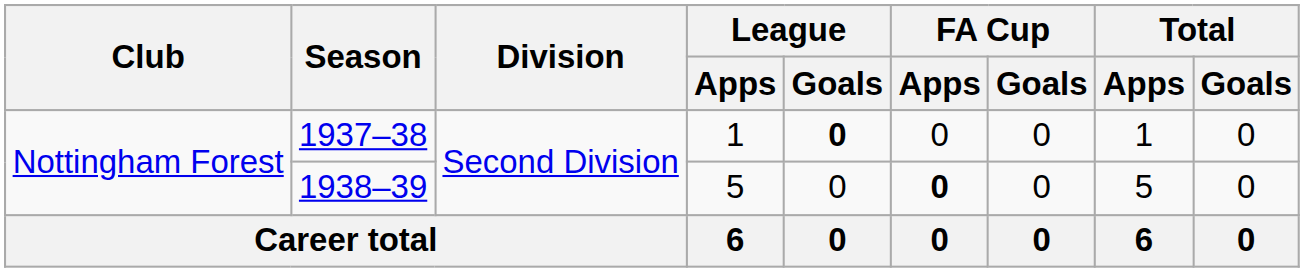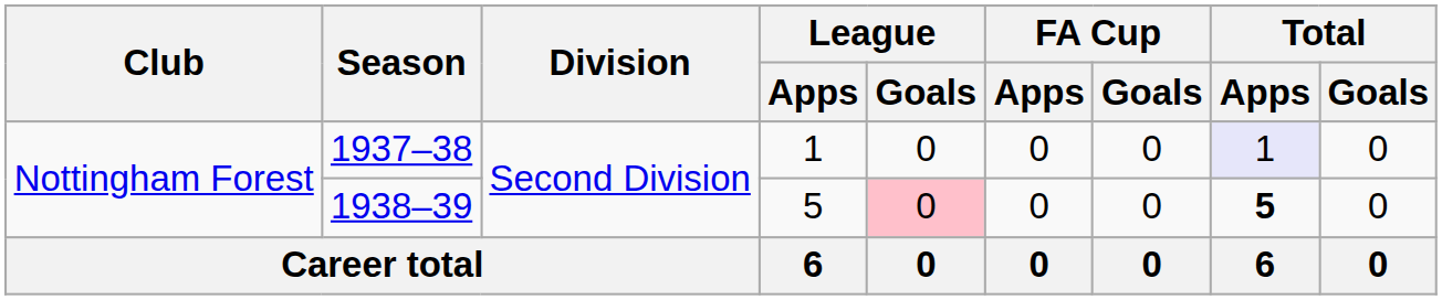 <table class="wikitable" style="text-align:center;">
 <tr>
 <th rowspan="2">Club</th>
 <th rowspan="2">Season</th>
 <th rowspan="2">Division</th>
 <th colspan="2">League</th>
 <th colspan="2">FA Cup</th>
 <th colspan="2">Total</th>
 </tr>
 <tr>
 <th>Apps</th>
 <th>Goals</th>
 <th>Apps</th>
 <th>Goals</th>
 <th>Apps</th>
 <th>Goals</th>
 </tr>
 <tr>
 <td rowspan="2"><a href='#'>Nottingham Forest</a></td>
 <td><a href='#'>1937–38</a></td>
 <td rowspan="2"><a href='#'>Second Division</a></td>
 <td>1</td>
-<td><strong>0</strong></td>
 <td>0</td>
 <td>0</td>
-<td>1</td>
+<td>0</td>
+<td style="background: lavender;">1</td>
 <td>0</td>
 </tr>
 <tr>
 <td><a href='#'>1938–39</a></td>
 <td>5</td>
+<td style="background: pink;">0</td>
 <td>0</td>
-<td><strong>0</strong></td>
 <td>0</td>
-<td>5</td>
+<td><strong>5</strong></td>
 <td>0</td>
 </tr>
 <tr>
 <th colspan="3">Career total</th>
 <th>6</th>
 <th>0</th>
 <th>0</th>
 <th>0</th>
 <th>6</th>
 <th>0</th>
 </tr>
 </table>
